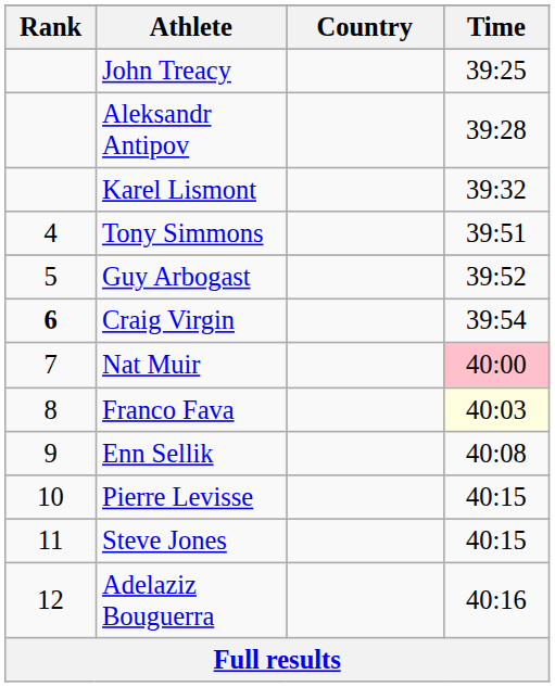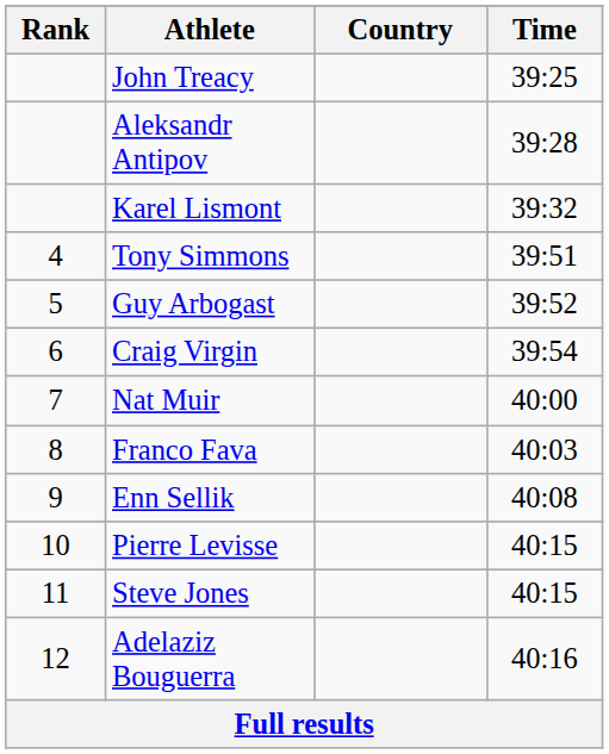 <table class="wikitable sortable" style=" text-align:center; font-size:95%;" width="50%">
 <tr>
 </tr>
 <tr>
 <th width=5%>Rank</th>
 <th width=20%>Athlete</th>
 <th width=15%>Country</th>
 <th width=10%>Time</th>
 </tr>
 <tr>
 <td align=center></td>
 <td align=left><a href='#'>John Treacy</a></td>
 <td align=left></td>
 <td>39:25</td>
 </tr>
 <tr>
 <td align=center></td>
 <td align=left><a href='#'>Aleksandr Antipov</a></td>
 <td align=left></td>
 <td>39:28</td>
 </tr>
 <tr>
 <td align=center></td>
 <td align=left><a href='#'>Karel Lismont</a></td>
 <td align=left></td>
 <td>39:32</td>
 </tr>
 <tr>
 <td align=center>4</td>
 <td align=left><a href='#'>Tony Simmons</a></td>
 <td align=left></td>
 <td>39:51</td>
 </tr>
 <tr>
 <td align=center>5</td>
 <td align=left><a href='#'>Guy Arbogast</a></td>
 <td align=left></td>
 <td>39:52</td>
 </tr>
 <tr>
-<td align=center><strong>6</strong></td>
+<td align=center>6</td>
 <td align=left><a href='#'>Craig Virgin</a></td>
 <td align=left></td>
 <td>39:54</td>
 </tr>
 <tr>
 <td align=center>7</td>
 <td align=left><a href='#'>Nat Muir</a></td>
 <td align=left></td>
-<td style="background: pink;">40:00</td>
+<td>40:00</td>
 </tr>
 <tr>
 <td align=center>8</td>
 <td align=left><a href='#'>Franco Fava</a></td>
 <td align=left></td>
-<td style="background: lightyellow;">40:03</td>
+<td>40:03</td>
 </tr>
 <tr>
 <td align=center>9</td>
 <td align=left><a href='#'>Enn Sellik</a></td>
 <td align=left></td>
 <td>40:08</td>
 </tr>
 <tr>
 <td align=center>10</td>
 <td align=left><a href='#'>Pierre Levisse</a></td>
 <td align=left></td>
 <td>40:15</td>
 </tr>
 <tr>
 <td align=center>11</td>
 <td align=left><a href='#'>Steve Jones</a></td>
 <td align=left></td>
 <td>40:15</td>
 </tr>
 <tr>
 <td align=center>12</td>
 <td align=left><a href='#'>Adelaziz Bouguerra</a></td>
 <td align=left></td>
 <td>40:16</td>
 </tr>
 <tr class="sortbottom">
 <th colspan=4 align=center><a href='#'>Full results</a></th>
 </tr>
 </table>
